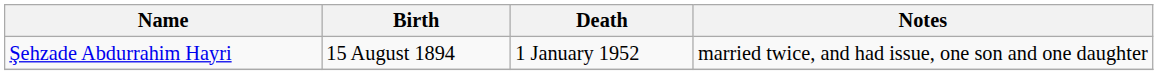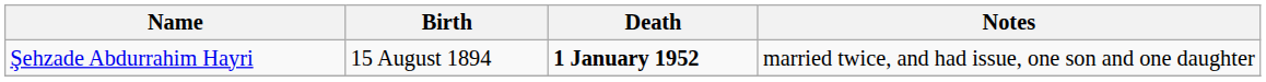 <table class="wikitable">
 <tr>
 <th>Name</th>
 <th>Birth</th>
 <th>Death</th>
 <th style="width:40%;">Notes</th>
 </tr>
 <tr>
 <td><a href='#'>Şehzade Abdurrahim Hayri</a></td>
 <td>15 August 1894</td>
-<td>1 January 1952</td>
+<td><strong>1 January 1952</strong></td>
 <td>married twice, and had issue, one son and one daughter</td>
 </tr>
 <tr>
 </tr>
 </table>
